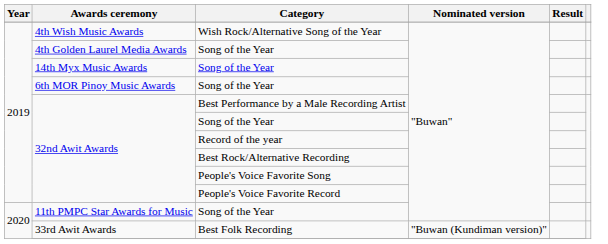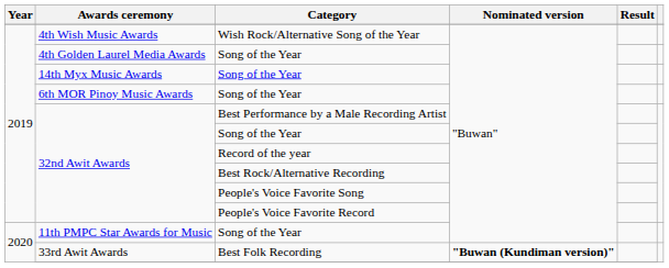 <table class="wikitable sortable">
 <tr>
 <th>Year</th>
 <th>Awards ceremony</th>
 <th>Category</th>
 <th>Nominated version</th>
 <th>Result</th>
 <th class="unsortable"></th>
 </tr>
 <tr>
 </tr>
 <tr>
 <td rowspan="10" style="text-align: center;">2019</td>
 <td><a href='#'>4th Wish Music Awards</a></td>
 <td>Wish Rock/Alternative Song of the Year</td>
 <td rowspan="11">"Buwan"</td>
 <td></td>
 <td style="text-align:center;"></td>
 </tr>
 <tr>
 <td><a href='#'>4th Golden Laurel Media Awards</a></td>
 <td>Song of the Year</td>
 <td></td>
 <td style="text-align:center;"></td>
 </tr>
 <tr>
 <td><a href='#'>14th Myx Music Awards</a></td>
 <td><a href='#'>Song of the Year</a></td>
 <td></td>
 <td style="text-align:center;"></td>
 </tr>
 <tr>
 <td><a href='#'>6th MOR Pinoy Music Awards</a></td>
 <td>Song of the Year</td>
 <td></td>
 <td style="text-align:center;"></td>
 </tr>
 <tr>
 <td rowspan="6"><a href='#'>32nd Awit Awards</a></td>
 <td>Best Performance by a Male Recording Artist</td>
 <td></td>
 <td rowspan="6" style="text-align:center;"></td>
 </tr>
 <tr>
 <td>Song of the Year</td>
 <td></td>
 </tr>
 <tr>
 <td>Record of the year</td>
 <td></td>
 </tr>
 <tr>
 <td>Best Rock/Alternative Recording</td>
 <td></td>
 </tr>
 <tr>
 <td>People's Voice Favorite Song</td>
 <td></td>
 </tr>
 <tr>
 <td>People's Voice Favorite Record</td>
 <td></td>
 </tr>
 <tr>
 <td rowspan="4" style="text-align: center;">2020</td>
 <td><a href='#'>11th PMPC Star Awards for Music</a></td>
 <td>Song of the Year</td>
 <td></td>
 <td style="text-align:center;"></td>
 </tr>
 <tr>
 <td>33rd Awit Awards</td>
 <td>Best Folk Recording</td>
-<td>"Buwan (Kundiman version)"</td>
+<td><strong>"Buwan (Kundiman version)"</strong></td>
 <td></td>
 <td style="text-align:center;" rowspan=3></td>
 </tr>
 <tr>
 </tr>
 </table>
